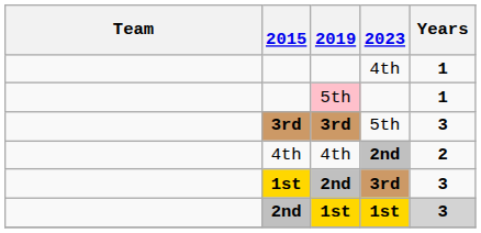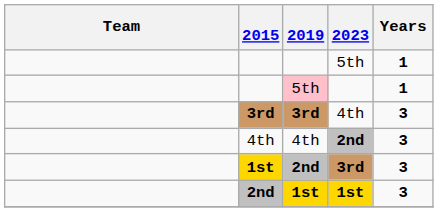 <table class="wikitable" style="text-align:center; font-size:90%">
 <tr>
 <th width=170>Team</th>
 <th width=25><br><a href='#'>2015</a></th>
 <th width=25><br><a href='#'>2019</a></th>
 <th width=25><br><a href='#'>2023</a></th>
 <th width=40>Years</th>
 </tr>
 <tr>
 <td align=left></td>
 <td></td>
 <td></td>
-<td>4th</td>
+<td>5th</td>
 <td><strong>1</strong></td>
 </tr>
 <tr>
 <td align=left></td>
 <td></td>
 <td style="background: pink;">5th</td>
 <td></td>
 <td><strong>1</strong></td>
 </tr>
 <tr>
 <td align=left></td>
 <td bgcolor=cc9966><strong>3rd</strong></td>
 <td bgcolor=cc9966><strong>3rd</strong></td>
-<td>5th</td>
+<td>4th</td>
 <td><strong>3</strong></td>
 </tr>
 <tr>
 <td align=left></td>
 <td>4th</td>
 <td>4th</td>
 <td bgcolor=silver><strong>2nd</strong></td>
-<td><strong>2</strong></td>
+<td><strong>3</strong></td>
 </tr>
 <tr>
 <td align=left></td>
 <td bgcolor=gold><strong>1st</strong></td>
 <td bgcolor=silver><strong>2nd</strong></td>
 <td bgcolor=cc9966><strong>3rd</strong></td>
 <td><strong>3</strong></td>
 </tr>
 <tr>
 <td align=left></td>
 <td bgcolor=silver><strong>2nd</strong></td>
 <td bgcolor=gold><strong>1st</strong></td>
 <td bgcolor=gold><strong>1st</strong></td>
-<td style="background: lightgrey;"><strong>3</strong></td>
+<td><strong>3</strong></td>
 </tr>
 <tr>
 </tr>
 </table>
